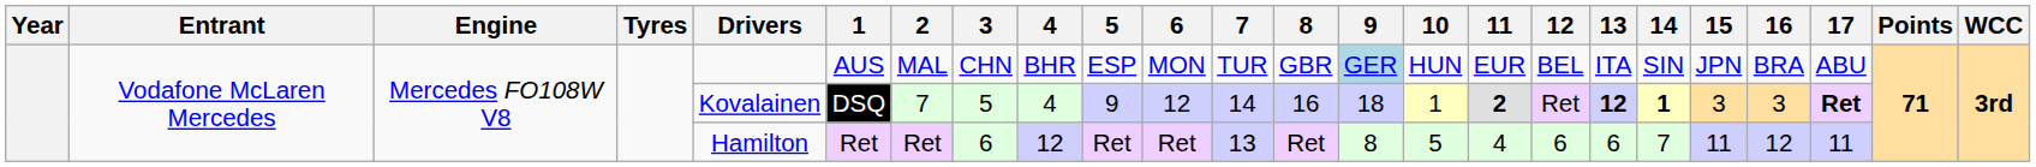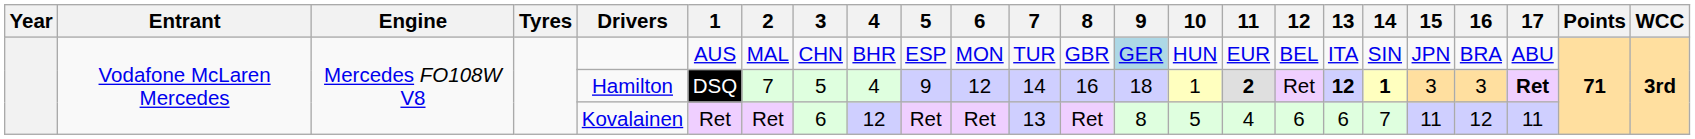 <table class="wikitable" style="text-align:center; font-size:95%">
 <tr>
 <th>Year</th>
 <th>Entrant</th>
 <th>Engine</th>
 <th>Tyres</th>
 <th>Drivers</th>
 <th>1</th>
 <th>2</th>
 <th>3</th>
 <th>4</th>
 <th>5</th>
 <th>6</th>
 <th>7</th>
 <th>8</th>
 <th>9</th>
 <th>10</th>
 <th>11</th>
 <th>12</th>
 <th>13</th>
 <th>14</th>
 <th>15</th>
 <th>16</th>
 <th>17</th>
 <th>Points</th>
 <th>WCC</th>
 </tr>
 <tr>
 <th rowspan="3"></th>
 <td rowspan="3"><a href='#'>Vodafone McLaren Mercedes</a></td>
 <td rowspan="3"><a href='#'>Mercedes</a> <em>FO108W</em> <a href='#'>V8</a></td>
 <td rowspan="3"></td>
 <td></td>
 <td><a href='#'>AUS</a></td>
 <td><a href='#'>MAL</a></td>
 <td><a href='#'>CHN</a></td>
 <td><a href='#'>BHR</a></td>
 <td><a href='#'>ESP</a></td>
 <td><a href='#'>MON</a></td>
 <td><a href='#'>TUR</a></td>
 <td><a href='#'>GBR</a></td>
 <td style="background: lightblue;"><a href='#'>GER</a></td>
 <td><a href='#'>HUN</a></td>
 <td><a href='#'>EUR</a></td>
 <td><a href='#'>BEL</a></td>
 <td><a href='#'>ITA</a></td>
 <td><a href='#'>SIN</a></td>
 <td><a href='#'>JPN</a></td>
 <td><a href='#'>BRA</a></td>
 <td><a href='#'>ABU</a></td>
 <td rowspan="3" style="background:#ffdf9f;"><strong>71</strong></td>
 <td rowspan="3" style="background:#ffdf9f;"><strong>3rd</strong></td>
 </tr>
 <tr>
-<td><a href='#'>Kovalainen</a></td>
+<td><a href='#'>Hamilton</a></td>
 <td style="background:#000000; color:white">DSQ</td>
 <td style="background:#DFFFDF;">7</td>
 <td style="background:#DFFFDF;">5</td>
 <td style="background:#DFFFDF;">4</td>
 <td style="background:#CFCFFF;">9</td>
 <td style="background:#CFCFFF;">12</td>
 <td style="background:#CFCFFF;">14</td>
 <td style="background:#CFCFFF;">16</td>
 <td style="background:#CFCFFF;">18</td>
 <td style="background:#FFFFBF;">1</td>
 <td style="background:#DFDFDF;"><strong>2</strong></td>
 <td style="background:#EFCFFF;">Ret</td>
 <td style="background:#CFCFFF;"><strong>12</strong></td>
 <td style="background:#FFFFBF;"><strong>1</strong></td>
 <td style="background:#FFDF9F;">3</td>
 <td style="background:#FFDF9F;">3</td>
 <td style="background:#EFCFFF;"><strong>Ret</strong></td>
 </tr>
 <tr>
-<td><a href='#'>Hamilton</a></td>
+<td><a href='#'>Kovalainen</a></td>
 <td style="background:#EFCFFF;">Ret</td>
 <td style="background:#EFCFFF;">Ret</td>
 <td style="background:#DFFFDF;">6</td>
 <td style="background:#CFCFFF;">12</td>
 <td style="background:#EFCFFF;">Ret</td>
 <td style="background:#EFCFFF;">Ret</td>
 <td style="background:#CFCFFF;">13</td>
 <td style="background:#EFCFFF;">Ret</td>
 <td style="background:#DFFFDF;">8</td>
 <td style="background:#DFFFDF;">5</td>
 <td style="background:#DFFFDF;">4</td>
 <td style="background:#DFFFDF;">6</td>
 <td style="background:#DFFFDF;">6</td>
 <td style="background:#DFFFDF;">7</td>
 <td style="background:#CFCFFF;">11</td>
 <td style="background:#CFCFFF;">12</td>
 <td style="background:#CFCFFF;">11</td>
 </tr>
 </table>
